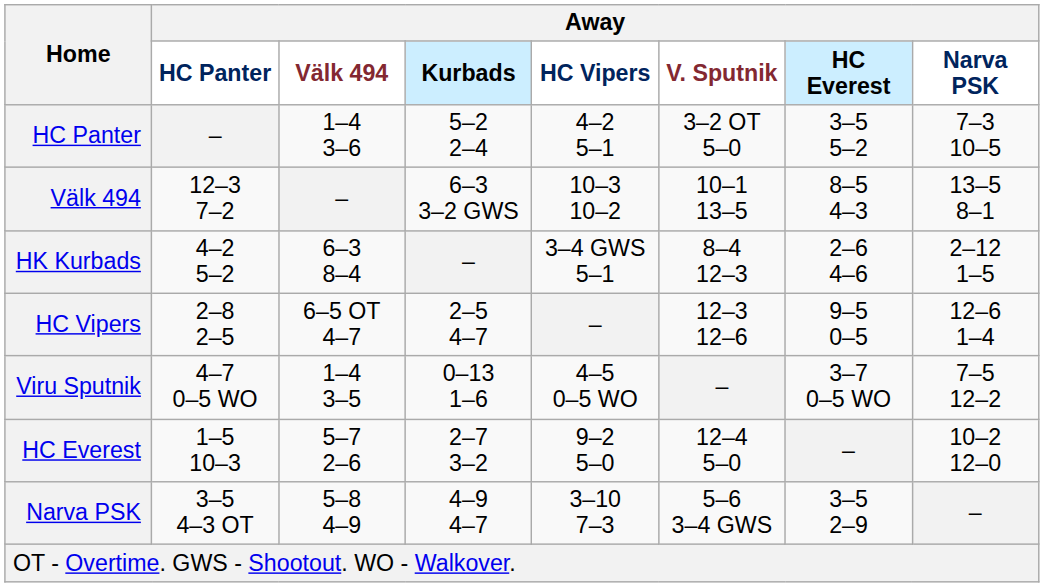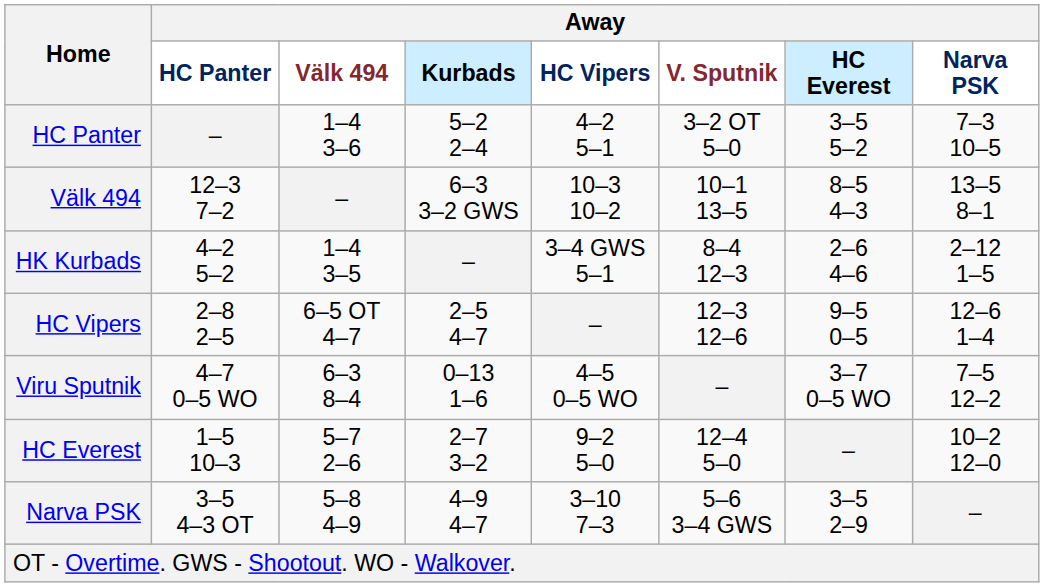 <table class="wikitable" style="margin-left:1em; text-align:center;">
 <tr>
 <th rowspan="2">Home</th>
 <th colspan="7">Away</th>
 </tr>
 <tr>
 <th style="width:80px; background:white; color:#00245D;">HC Panter</th>
 <th style="width:80px; background:white; color:#832831;">Välk 494</th>
 <th style="width:80px; background:#CCEEFF; color:black;">Kurbads</th>
 <th style="width:80px; background:white; color:#00245D;">HC Vipers</th>
 <th style="width:80px; background:white; color:#832831;">V. Sputnik</th>
 <th style="width:80px; background:#CCEEFF; color:black;">HC Everest</th>
 <th style="width:80px; background:white; color:#00245D;">Narva PSK</th>
 </tr>
 <tr>
 <td style="text-align:right; padding-left:7px; padding-right:7px; background:#F2F2F2;"><a href='#'>HC Panter</a></td>
 <td style="background:#F2F2F2;">–</td>
 <td>1–4<br>3–6</td>
 <td>5–2<br>2–4</td>
 <td>4–2<br>5–1</td>
 <td>3–2 OT<br>5–0</td>
 <td>3–5<br>5–2</td>
 <td>7–3<br>10–5</td>
 </tr>
 <tr>
 <td style="text-align:right; padding-left:7px; padding-right:7px; background:#F2F2F2;"><a href='#'>Välk 494</a></td>
 <td>12–3<br>7–2</td>
 <td style="background:#F2F2F2;">–</td>
 <td>6–3<br>3–2 GWS</td>
 <td>10–3<br>10–2</td>
 <td>10–1<br>13–5</td>
 <td>8–5<br>4–3</td>
 <td>13–5<br>8–1</td>
 </tr>
 <tr>
 <td style="text-align:right; padding-left:7px; padding-right:7px; background:#F2F2F2;"><a href='#'>HK Kurbads</a></td>
 <td>4–2<br>5–2</td>
-<td>6–3<br>8–4</td>
+<td>1–4<br>3–5</td>
 <td style="background:#F2F2F2;">–</td>
 <td>3–4 GWS<br>5–1</td>
 <td>8–4<br>12–3</td>
 <td>2–6<br>4–6</td>
 <td>2–12<br>1–5</td>
 </tr>
 <tr>
 <td style="text-align:right; padding-left:7px; padding-right:7px; background:#F2F2F2;"><a href='#'>HC Vipers</a></td>
 <td>2–8<br>2–5</td>
 <td>6–5 OT<br>4–7</td>
 <td>2–5<br>4–7</td>
 <td style="background:#F2F2F2;">–</td>
 <td>12–3<br>12–6</td>
 <td>9–5<br>0–5</td>
 <td>12–6<br>1–4</td>
 </tr>
 <tr>
 <td style="text-align:right; padding-left:7px; padding-right:7px; background:#F2F2F2;"><a href='#'>Viru Sputnik</a></td>
 <td>4–7<br>0–5 WO</td>
-<td>1–4<br>3–5</td>
+<td>6–3<br>8–4</td>
 <td>0–13<br>1–6</td>
 <td>4–5<br>0–5 WO</td>
 <td style="background:#F2F2F2;">–</td>
 <td>3–7<br>0–5 WO</td>
 <td>7–5<br>12–2</td>
 </tr>
 <tr>
 <td style="text-align:right; padding-left:7px; padding-right:7px; background:#F2F2F2;"><a href='#'>HC Everest</a></td>
 <td>1–5<br>10–3</td>
 <td>5–7<br>2–6</td>
 <td>2–7<br>3–2</td>
 <td>9–2<br>5–0</td>
 <td>12–4<br>5–0</td>
 <td style="background:#F2F2F2;">–</td>
 <td>10–2<br>12–0</td>
 </tr>
 <tr>
 <td style="text-align:right; padding-left:7px; padding-right:7px; background:#F2F2F2;"><a href='#'>Narva PSK</a></td>
 <td>3–5<br>4–3 OT</td>
 <td>5–8<br>4–9</td>
 <td>4–9<br>4–7</td>
 <td>3–10<br>7–3</td>
 <td>5–6<br>3–4 GWS</td>
 <td>3–5<br>2–9</td>
 <td style="background:#F2F2F2;">–</td>
 </tr>
 <tr>
 <td colspan="11" style="text-align:left; padding-left:5px; background:#F2F2F2;">OT - <a href='#'>Overtime</a>. GWS - <a href='#'>Shootout</a>. WO - <a href='#'>Walkover</a>.</td>
 </tr>
 </table>
